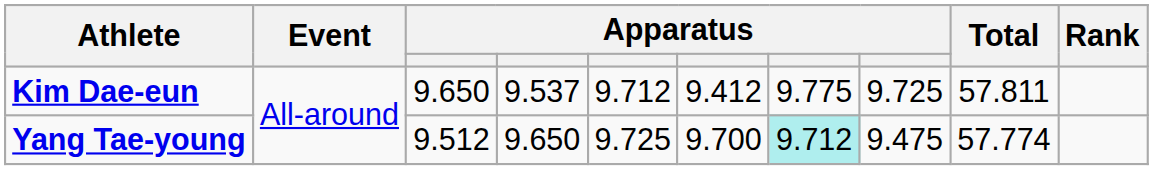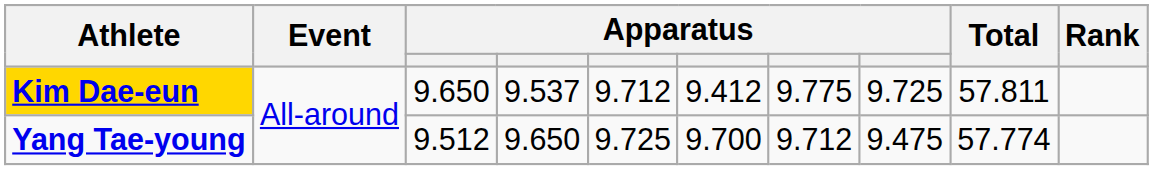 <table class="wikitable" style="font-size:90%">
 <tr>
 <th rowspan=2>Athlete</th>
 <th rowspan=2>Event</th>
 <th colspan =6>Apparatus</th>
 <th rowspan=2>Total</th>
 <th rowspan=2>Rank</th>
 </tr>
 <tr style="font-size:95%">
 <th></th>
 <th></th>
 <th></th>
 <th></th>
 <th></th>
 <th></th>
 </tr>
 <tr align=center>
-<td align=left><strong><a href='#'>Kim Dae-eun</a></strong></td>
+<td align=left style="background: gold;"><strong><a href='#'>Kim Dae-eun</a></strong></td>
 <td align=left rowspan=2><a href='#'>All-around</a></td>
 <td>9.650</td>
 <td>9.537</td>
 <td>9.712</td>
 <td>9.412</td>
 <td>9.775</td>
 <td>9.725</td>
 <td>57.811</td>
 <td></td>
 </tr>
 <tr align=center>
 <td align=left><strong><a href='#'>Yang Tae-young</a></strong></td>
 <td>9.512</td>
 <td>9.650</td>
 <td>9.725</td>
 <td>9.700</td>
-<td style="background: paleturquoise;">9.712</td>
+<td>9.712</td>
 <td>9.475</td>
 <td>57.774</td>
 <td></td>
 </tr>
 </table>
